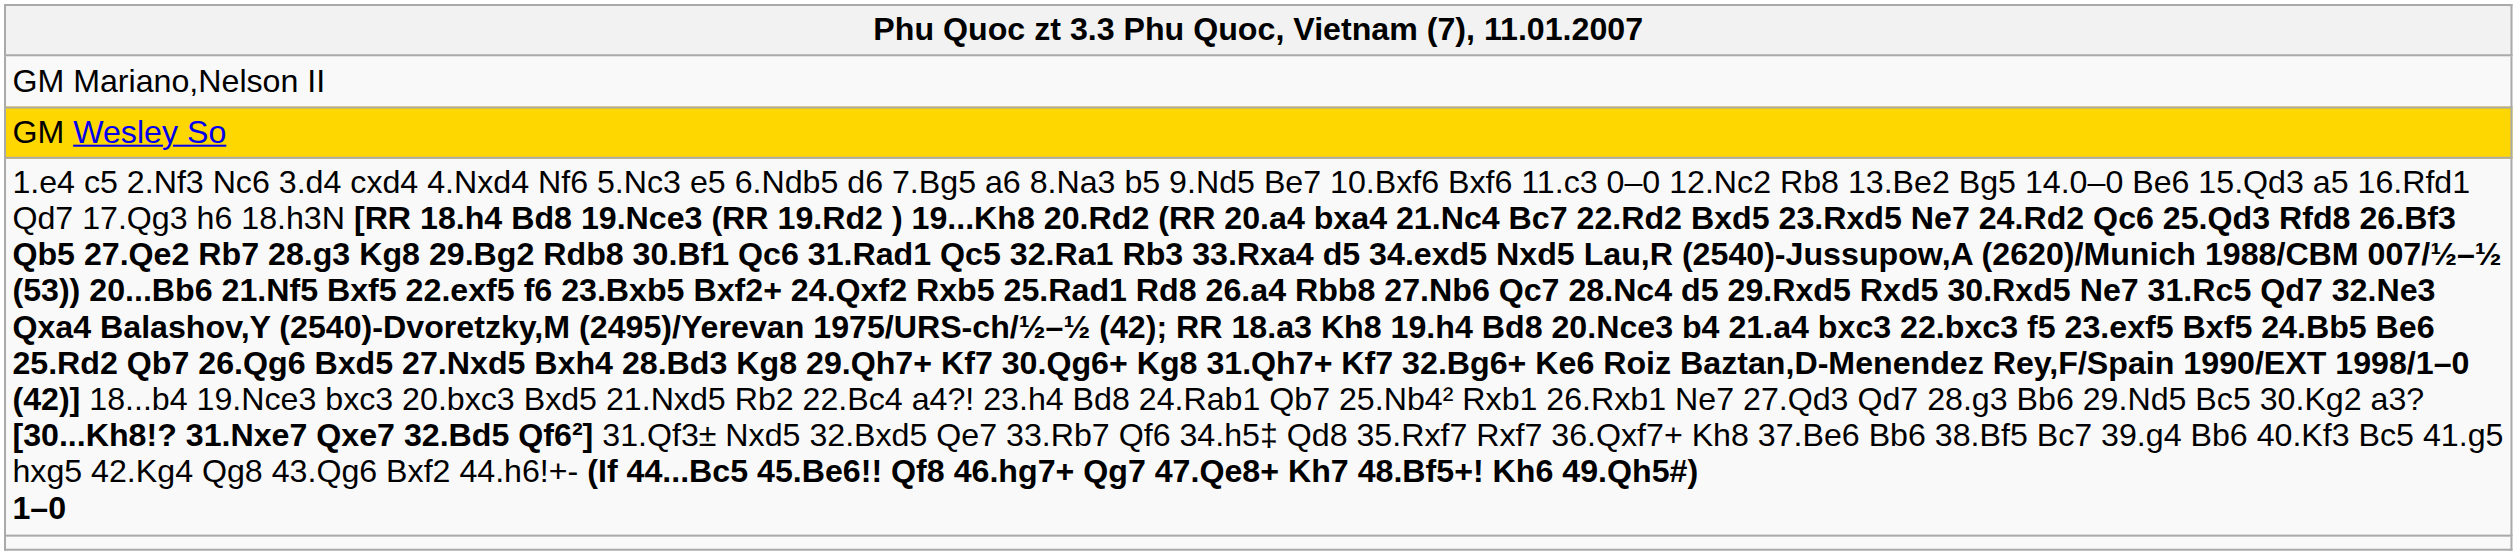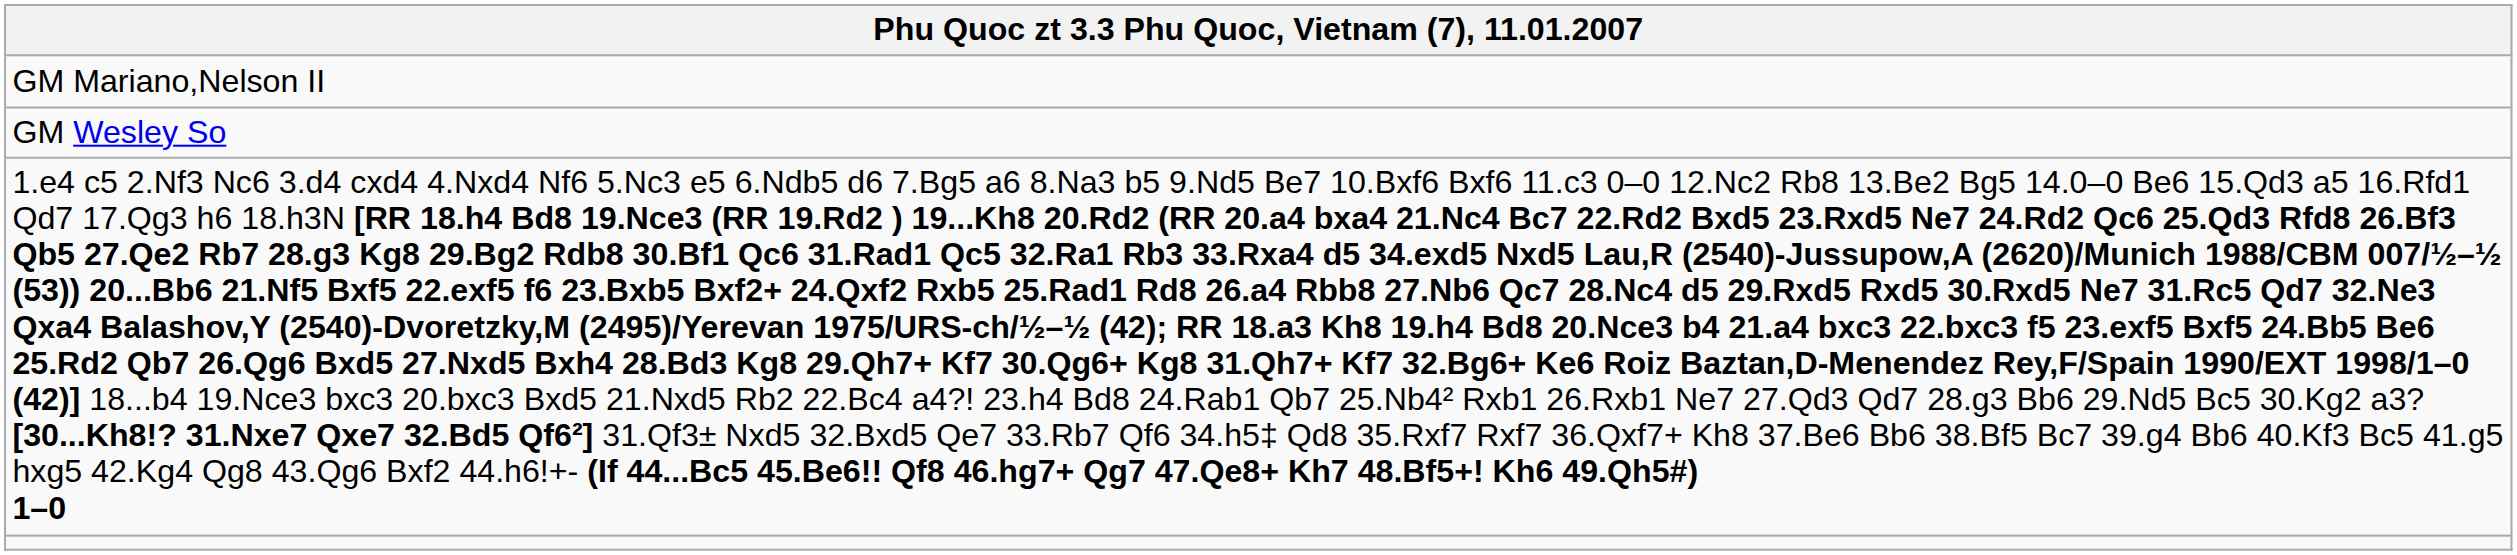 <table class="wikitable">
 <tr>
 <th><strong>Phu Quoc zt 3.3 Phu Quoc, Vietnam (7), 11.01.2007</strong></th>
 </tr>
 <tr>
 <td>GM Mariano,Nelson II</td>
 </tr>
 <tr>
-<td style="background: gold;">GM <a href='#'>Wesley So</a></td>
+<td>GM <a href='#'>Wesley So</a></td>
 </tr>
 <tr>
 <td>1.e4 c5 2.Nf3 Nc6 3.d4 cxd4 4.Nxd4 Nf6 5.Nc3 e5 6.Ndb5 d6 7.Bg5 a6 8.Na3 b5 9.Nd5 Be7 10.Bxf6 Bxf6 11.c3 0–0 12.Nc2 Rb8 13.Be2 Bg5 14.0–0 Be6 15.Qd3 a5 16.Rfd1 Qd7 17.Qg3 h6 18.h3N <strong>[RR 18.h4 Bd8 19.Nce3 (RR 19.Rd2 ) 19...Kh8 20.Rd2 (RR 20.a4 bxa4 21.Nc4 Bc7 22.Rd2 Bxd5 23.Rxd5 Ne7 24.Rd2 Qc6 25.Qd3 Rfd8 26.Bf3 Qb5 27.Qe2 Rb7 28.g3 Kg8 29.Bg2 Rdb8 30.Bf1 Qc6 31.Rad1 Qc5 32.Ra1 Rb3 33.Rxa4 d5 34.exd5 Nxd5 Lau,R (2540)-Jussupow,A (2620)/Munich 1988/CBM 007/½–½ (53)) 20...Bb6 21.Nf5 Bxf5 22.exf5 f6 23.Bxb5 Bxf2+ 24.Qxf2 Rxb5 25.Rad1 Rd8 26.a4 Rbb8 27.Nb6 Qc7 28.Nc4 d5 29.Rxd5 Rxd5 30.Rxd5 Ne7 31.Rc5 Qd7 32.Ne3 Qxa4 Balashov,Y (2540)-Dvoretzky,M (2495)/Yerevan 1975/URS-ch/½–½ (42); RR 18.a3 Kh8 19.h4 Bd8 20.Nce3 b4 21.a4 bxc3 22.bxc3 f5 23.exf5 Bxf5 24.Bb5 Be6 25.Rd2 Qb7 26.Qg6 Bxd5 27.Nxd5 Bxh4 28.Bd3 Kg8 29.Qh7+ Kf7 30.Qg6+ Kg8 31.Qh7+ Kf7 32.Bg6+ Ke6 Roiz Baztan,D-Menendez Rey,F/Spain 1990/EXT 1998/1–0 (42)]</strong> 18...b4 19.Nce3 bxc3 20.bxc3 Bxd5 21.Nxd5 Rb2 22.Bc4 a4?! 23.h4 Bd8 24.Rab1 Qb7 25.Nb4² Rxb1 26.Rxb1 Ne7 27.Qd3 Qd7 28.g3 Bb6 29.Nd5 Bc5 30.Kg2 a3? <strong>[30...Kh8!? 31.Nxe7 Qxe7 32.Bd5 Qf6²]</strong> 31.Qf3± Nxd5 32.Bxd5 Qe7 33.Rb7 Qf6 34.h5‡ Qd8 35.Rxf7 Rxf7 36.Qxf7+ Kh8 37.Be6 Bb6 38.Bf5 Bc7 39.g4 Bb6 40.Kf3 Bc5 41.g5 hxg5 42.Kg4 Qg8 43.Qg6 Bxf2 44.h6!+- <strong>(If 44...Bc5 45.Be6!! Qf8 46.hg7+ Qg7 47.Qe8+ Kh7 48.Bf5+! Kh6 49.Qh5#)</strong><br><strong>1–0</strong></td>
 </tr>
 <tr>
 <td></td>
 </tr>
 </table>
